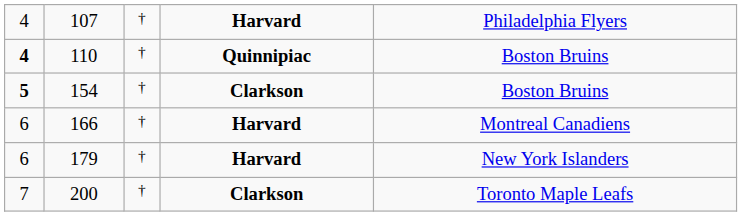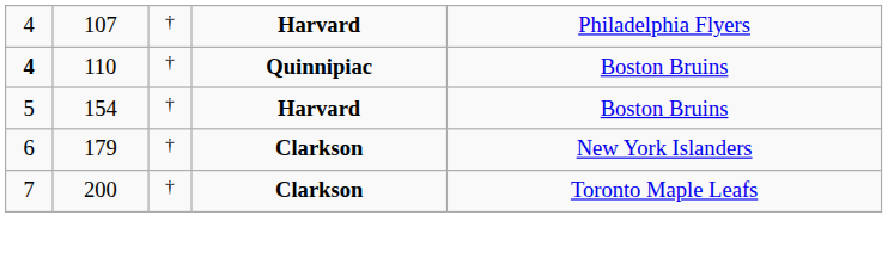 <table class="wikitable sortable" width="50%">
 <tr align="center" bgcolor="">
 <td>4</td>
 <td>107</td>
 <td> <sup>†</sup></td>
 <td><strong>Harvard</strong></td>
 <td><a href='#'>Philadelphia Flyers</a></td>
 </tr>
 <tr align="center" bgcolor="">
 <td><strong>4</strong></td>
 <td>110</td>
 <td> <sup>†</sup></td>
 <td><strong>Quinnipiac</strong></td>
 <td><a href='#'>Boston Bruins</a></td>
 </tr>
 <tr align="center" bgcolor="">
-<td><strong>5</strong></td>
+<td>5</td>
 <td>154</td>
 <td> <sup>†</sup></td>
-<td><strong>Clarkson</strong></td>
+<td><strong>Harvard</strong></td>
 <td><a href='#'>Boston Bruins</a></td>
-</tr>
-<tr align="center" bgcolor="">
-<td>6</td>
-<td>166</td>
-<td> <sup>†</sup></td>
-<td><strong>Harvard</strong></td>
-<td><a href='#'>Montreal Canadiens</a></td>
 </tr>
 <tr align="center" bgcolor="">
 <td>6</td>
 <td>179</td>
 <td> <sup>†</sup></td>
-<td><strong>Harvard</strong></td>
+<td><strong>Clarkson</strong></td>
 <td><a href='#'>New York Islanders</a></td>
 </tr>
 <tr align="center" bgcolor="">
 <td>7</td>
 <td>200</td>
 <td> <sup>†</sup></td>
 <td><strong>Clarkson</strong></td>
 <td><a href='#'>Toronto Maple Leafs</a></td>
 </tr>
 </table>
